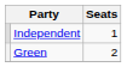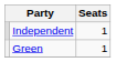 <table class="wikitable">
 <tr>
 <th colspan=2>Party</th>
 <th>Seats</th>
 </tr>
 <tr>
 <th style="background-color: #DDDDDD"></th>
 <td><a href='#'>Independent</a></td>
 <td align=right>1</td>
 </tr>
 <tr>
 <th style="background-color: "></th>
 <td><a href='#'>Green</a></td>
-<td align=right>2</td>
+<td align=right>1</td>
 </tr>
 <tr>
 </tr>
 </table>
